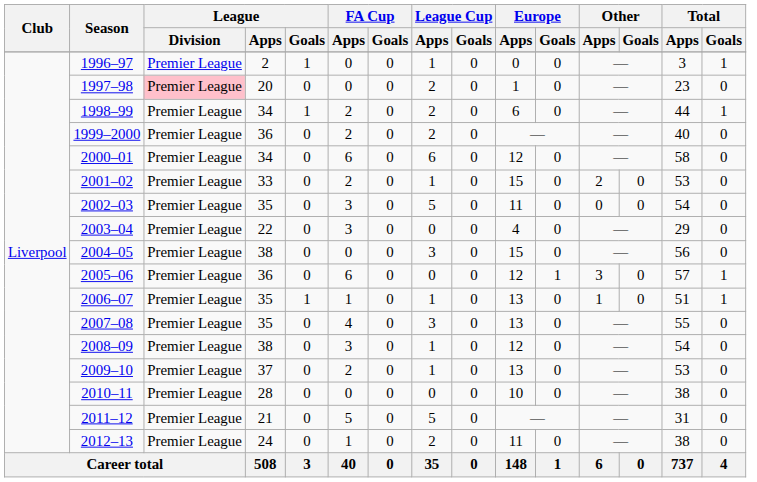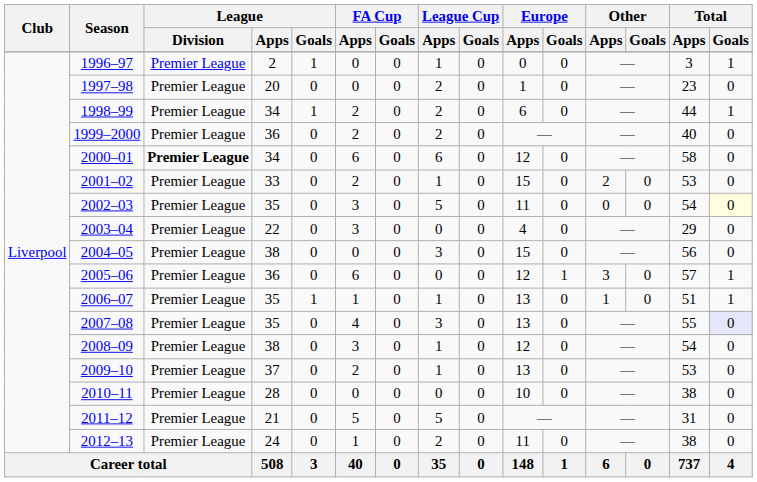 <table class=wikitable style="text-align: center;">
 <tr>
 <th rowspan=2>Club</th>
 <th rowspan=2>Season</th>
 <th colspan=3>League</th>
 <th colspan=2><a href='#'>FA Cup</a></th>
 <th colspan=2><a href='#'>League Cup</a></th>
 <th colspan=2><a href='#'>Europe</a></th>
 <th colspan=2>Other</th>
 <th colspan=2>Total</th>
 </tr>
 <tr>
 <th>Division</th>
 <th>Apps</th>
 <th>Goals</th>
 <th>Apps</th>
 <th>Goals</th>
 <th>Apps</th>
 <th>Goals</th>
 <th>Apps</th>
 <th>Goals</th>
 <th>Apps</th>
 <th>Goals</th>
 <th>Apps</th>
 <th>Goals</th>
 </tr>
 <tr>
 </tr>
 <tr>
 <td rowspan="17"><a href='#'>Liverpool</a></td>
 <td><a href='#'>1996–97</a></td>
 <td><a href='#'>Premier League</a></td>
 <td>2</td>
 <td>1</td>
 <td>0</td>
 <td>0</td>
 <td>1</td>
 <td>0</td>
 <td>0</td>
 <td>0</td>
 <td colspan=2>—</td>
 <td>3</td>
 <td>1</td>
 </tr>
 <tr>
 <td><a href='#'>1997–98</a></td>
-<td style="background: pink;">Premier League</td>
+<td>Premier League</td>
 <td>20</td>
 <td>0</td>
 <td>0</td>
 <td>0</td>
 <td>2</td>
 <td>0</td>
 <td>1</td>
 <td>0</td>
 <td colspan=2>—</td>
 <td>23</td>
 <td>0</td>
 </tr>
 <tr>
 <td><a href='#'>1998–99</a></td>
 <td>Premier League</td>
 <td>34</td>
 <td>1</td>
 <td>2</td>
 <td>0</td>
 <td>2</td>
 <td>0</td>
 <td>6</td>
 <td>0</td>
 <td colspan=2>—</td>
 <td>44</td>
 <td>1</td>
 </tr>
 <tr>
 <td><a href='#'>1999–2000</a></td>
 <td>Premier League</td>
 <td>36</td>
 <td>0</td>
 <td>2</td>
 <td>0</td>
 <td>2</td>
 <td>0</td>
 <td colspan=2>—</td>
 <td colspan=2>—</td>
 <td>40</td>
 <td>0</td>
 </tr>
 <tr>
 <td><a href='#'>2000–01</a></td>
-<td>Premier League</td>
+<td><strong>Premier League</strong></td>
 <td>34</td>
 <td>0</td>
 <td>6</td>
 <td>0</td>
 <td>6</td>
 <td>0</td>
 <td>12</td>
 <td>0</td>
 <td colspan=2>—</td>
 <td>58</td>
 <td>0</td>
 </tr>
 <tr>
 <td><a href='#'>2001–02</a></td>
 <td>Premier League</td>
 <td>33</td>
 <td>0</td>
 <td>2</td>
 <td>0</td>
 <td>1</td>
 <td>0</td>
 <td>15</td>
 <td>0</td>
 <td>2</td>
 <td>0</td>
 <td>53</td>
 <td>0</td>
 </tr>
 <tr>
 <td><a href='#'>2002–03</a></td>
 <td>Premier League</td>
 <td>35</td>
 <td>0</td>
 <td>3</td>
 <td>0</td>
 <td>5</td>
 <td>0</td>
 <td>11</td>
 <td>0</td>
 <td>0</td>
 <td>0</td>
 <td>54</td>
-<td>0</td>
+<td style="background: lightyellow;">0</td>
 </tr>
 <tr>
 <td><a href='#'>2003–04</a></td>
 <td>Premier League</td>
 <td>22</td>
 <td>0</td>
 <td>3</td>
 <td>0</td>
 <td>0</td>
 <td>0</td>
 <td>4</td>
 <td>0</td>
 <td colspan=2>—</td>
 <td>29</td>
 <td>0</td>
 </tr>
 <tr>
 <td><a href='#'>2004–05</a></td>
 <td>Premier League</td>
 <td>38</td>
 <td>0</td>
 <td>0</td>
 <td>0</td>
 <td>3</td>
 <td>0</td>
 <td>15</td>
 <td>0</td>
 <td colspan=2>—</td>
 <td>56</td>
 <td>0</td>
 </tr>
 <tr>
 <td><a href='#'>2005–06</a></td>
 <td>Premier League</td>
 <td>36</td>
 <td>0</td>
 <td>6</td>
 <td>0</td>
 <td>0</td>
 <td>0</td>
 <td>12</td>
 <td>1</td>
 <td>3</td>
 <td>0</td>
 <td>57</td>
 <td>1</td>
 </tr>
 <tr>
 <td><a href='#'>2006–07</a></td>
 <td>Premier League</td>
 <td>35</td>
 <td>1</td>
 <td>1</td>
 <td>0</td>
 <td>1</td>
 <td>0</td>
 <td>13</td>
 <td>0</td>
 <td>1</td>
 <td>0</td>
 <td>51</td>
 <td>1</td>
 </tr>
 <tr>
 <td><a href='#'>2007–08</a></td>
 <td>Premier League</td>
 <td>35</td>
 <td>0</td>
 <td>4</td>
 <td>0</td>
 <td>3</td>
 <td>0</td>
 <td>13</td>
 <td>0</td>
 <td colspan=2>—</td>
 <td>55</td>
-<td>0</td>
+<td style="background: lavender;">0</td>
 </tr>
 <tr>
 <td><a href='#'>2008–09</a></td>
 <td>Premier League</td>
 <td>38</td>
 <td>0</td>
 <td>3</td>
 <td>0</td>
 <td>1</td>
 <td>0</td>
 <td>12</td>
 <td>0</td>
 <td colspan=2>—</td>
 <td>54</td>
 <td>0</td>
 </tr>
 <tr>
 <td><a href='#'>2009–10</a></td>
 <td>Premier League</td>
 <td>37</td>
 <td>0</td>
 <td>2</td>
 <td>0</td>
 <td>1</td>
 <td>0</td>
 <td>13</td>
 <td>0</td>
 <td colspan=2>—</td>
 <td>53</td>
 <td>0</td>
 </tr>
 <tr>
 <td><a href='#'>2010–11</a></td>
 <td>Premier League</td>
 <td>28</td>
 <td>0</td>
 <td>0</td>
 <td>0</td>
 <td>0</td>
 <td>0</td>
 <td>10</td>
 <td>0</td>
 <td colspan=2>—</td>
 <td>38</td>
 <td>0</td>
 </tr>
 <tr>
 <td><a href='#'>2011–12</a></td>
 <td>Premier League</td>
 <td>21</td>
 <td>0</td>
 <td>5</td>
 <td>0</td>
 <td>5</td>
 <td>0</td>
 <td colspan=2>—</td>
 <td colspan=2>—</td>
 <td>31</td>
 <td>0</td>
 </tr>
 <tr>
 <td><a href='#'>2012–13</a></td>
 <td>Premier League</td>
 <td>24</td>
 <td>0</td>
 <td>1</td>
 <td>0</td>
 <td>2</td>
 <td>0</td>
 <td>11</td>
 <td>0</td>
 <td colspan=2>—</td>
 <td>38</td>
 <td>0</td>
 </tr>
 <tr>
 <th colspan=3>Career total</th>
 <th>508</th>
 <th>3</th>
 <th>40</th>
 <th>0</th>
 <th>35</th>
 <th>0</th>
 <th>148</th>
 <th>1</th>
 <th>6</th>
 <th>0</th>
 <th>737</th>
 <th>4</th>
 </tr>
 </table>
